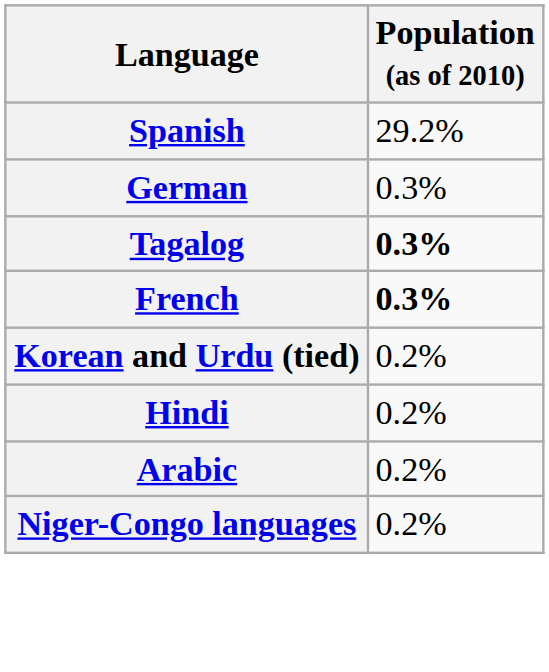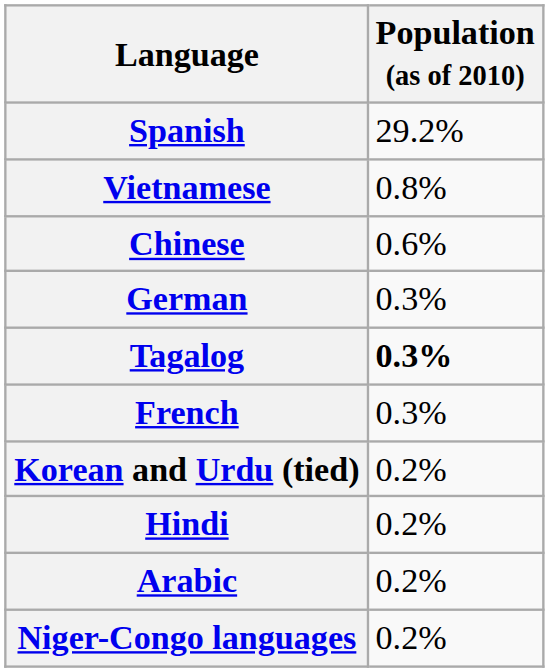 <table class="wikitable sortable floatright" style="margin-left:1em; font-size: 90%; display: inline-table">
 <tr>
 <th scope="col">Language</th>
 <th scope="col">Population<br><small>(as of 2010)</small></th>
 </tr>
 <tr>
 <th scope="row"><a href='#'>Spanish</a></th>
 <td>29.2%</td>
+</tr>
+<tr>
+<th scope="row"><a href='#'>Vietnamese</a></th>
+<td>0.8%</td>
+</tr>
+<tr>
+<th scope="row"><a href='#'>Chinese</a></th>
+<td>0.6%</td>
 </tr>
 <tr>
 <th scope="row"><a href='#'>German</a></th>
 <td>0.3%</td>
 </tr>
 <tr>
 <th scope="row"><a href='#'>Tagalog</a></th>
 <td><strong>0.3%</strong></td>
 </tr>
 <tr>
 <th scope="row"><a href='#'>French</a></th>
-<td><strong>0.3%</strong></td>
+<td>0.3%</td>
 </tr>
 <tr>
 <th scope="row"><a href='#'>Korean</a> and <a href='#'>Urdu</a> (tied)</th>
 <td>0.2%</td>
 </tr>
 <tr>
 <th scope="row"><a href='#'>Hindi</a></th>
 <td>0.2%</td>
 </tr>
 <tr>
 <th scope="row"><a href='#'>Arabic</a></th>
 <td>0.2%</td>
 </tr>
 <tr>
 <th scope="row"><a href='#'>Niger-Congo languages</a></th>
 <td>0.2%</td>
 </tr>
 </table>
